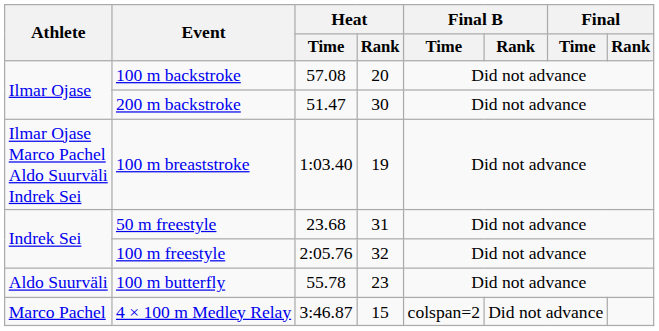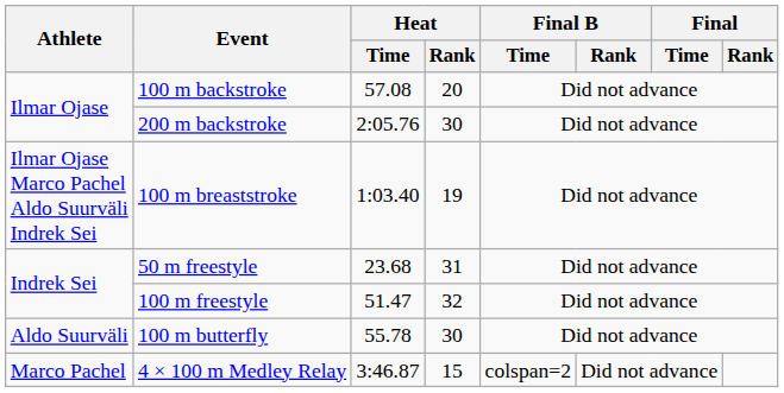 <table class=wikitable style="font-size:90%">
 <tr>
 <th rowspan="2">Athlete</th>
 <th rowspan="2">Event</th>
 <th colspan="2">Heat</th>
 <th colspan="2">Final B</th>
 <th colspan="2">Final</th>
 </tr>
 <tr style="font-size:95%">
 <th>Time</th>
 <th>Rank</th>
 <th>Time</th>
 <th>Rank</th>
 <th>Time</th>
 <th>Rank</th>
 </tr>
 <tr align=center>
 <td align=left rowspan=2><a href='#'>Ilmar Ojase</a></td>
 <td align=left><a href='#'>100 m backstroke</a></td>
 <td>57.08</td>
 <td>20</td>
 <td colspan=6>Did not advance</td>
 </tr>
 <tr align=center>
 <td align=left><a href='#'>200 m backstroke</a></td>
-<td>51.47</td>
+<td>2:05.76</td>
 <td>30</td>
 <td colspan=6>Did not advance</td>
 </tr>
 <tr align=center>
 <td align=left rowspan=1><a href='#'>Ilmar Ojase</a><br><a href='#'>Marco Pachel</a><br><a href='#'>Aldo Suurväli</a><br><a href='#'>Indrek Sei</a></td>
 <td align=left><a href='#'>100 m breaststroke</a></td>
 <td>1:03.40</td>
 <td>19</td>
 <td colspan=6>Did not advance</td>
 </tr>
 <tr align=center>
 <td align=left rowspan=2><a href='#'>Indrek Sei</a></td>
 <td align=left><a href='#'>50 m freestyle</a></td>
 <td>23.68</td>
 <td>31</td>
 <td colspan=6>Did not advance</td>
 </tr>
 <tr align=center>
 <td align=left><a href='#'>100 m freestyle</a></td>
-<td>2:05.76</td>
+<td>51.47</td>
 <td>32</td>
 <td colspan=6>Did not advance</td>
 </tr>
 <tr align=center>
 <td align=left rowspan=1><a href='#'>Aldo Suurväli</a></td>
 <td align=left><a href='#'>100 m butterfly</a></td>
 <td>55.78</td>
-<td>23</td>
+<td>30</td>
 <td colspan=6>Did not advance</td>
 </tr>
 <tr align=center>
 <td align=left rowspan=1><a href='#'>Marco Pachel</a></td>
 <td align=left><a href='#'>4 × 100 m Medley Relay</a></td>
 <td>3:46.87</td>
 <td>15</td>
 <td>colspan=2 </td>
 <td colspan=2>Did not advance</td>
 </tr>
 </table>
